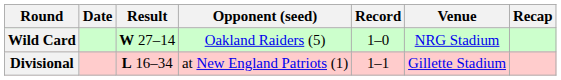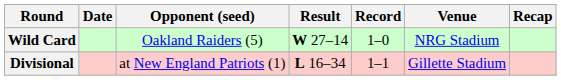 <table class="wikitable" style="text-align:center">
 <tr>
 <th>Round</th>
 <th>Date</th>
+<th>Opponent (seed)</th>
 <th>Result</th>
-<th>Opponent (seed)</th>
 <th>Record</th>
 <th>Venue</th>
 <th>Recap</th>
 </tr>
 <tr style="background:#cfc">
 <th>Wild Card</th>
 <td></td>
+<td><a href='#'>Oakland Raiders</a> (5)</td>
 <td><strong>W</strong> 27–14</td>
-<td><a href='#'>Oakland Raiders</a> (5)</td>
 <td>1–0</td>
 <td><a href='#'>NRG Stadium</a></td>
 <td></td>
 </tr>
 <tr style="background:#fcc">
 <th>Divisional</th>
 <td></td>
+<td>at <a href='#'>New England Patriots</a> (1)</td>
 <td><strong>L</strong> 16–34</td>
-<td>at <a href='#'>New England Patriots</a> (1)</td>
 <td>1–1</td>
 <td><a href='#'>Gillette Stadium</a></td>
 <td></td>
 </tr>
 </table>
